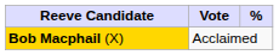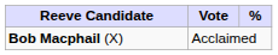 <table class="wikitable">
 <tr>
 <th style="background:#ddf; width:200px;">Reeve Candidate</th>
 <th style="background:#ddf; width:50px;">Vote</th>
 <th style="background:#ddf; width:30px;">%</th>
 </tr>
 <tr>
-<td style="background: gold;"><strong>Bob Macphail</strong> (X)</td>
+<td><strong>Bob Macphail</strong> (X)</td>
 <td colspan="2">Acclaimed</td>
 </tr>
 </table>
